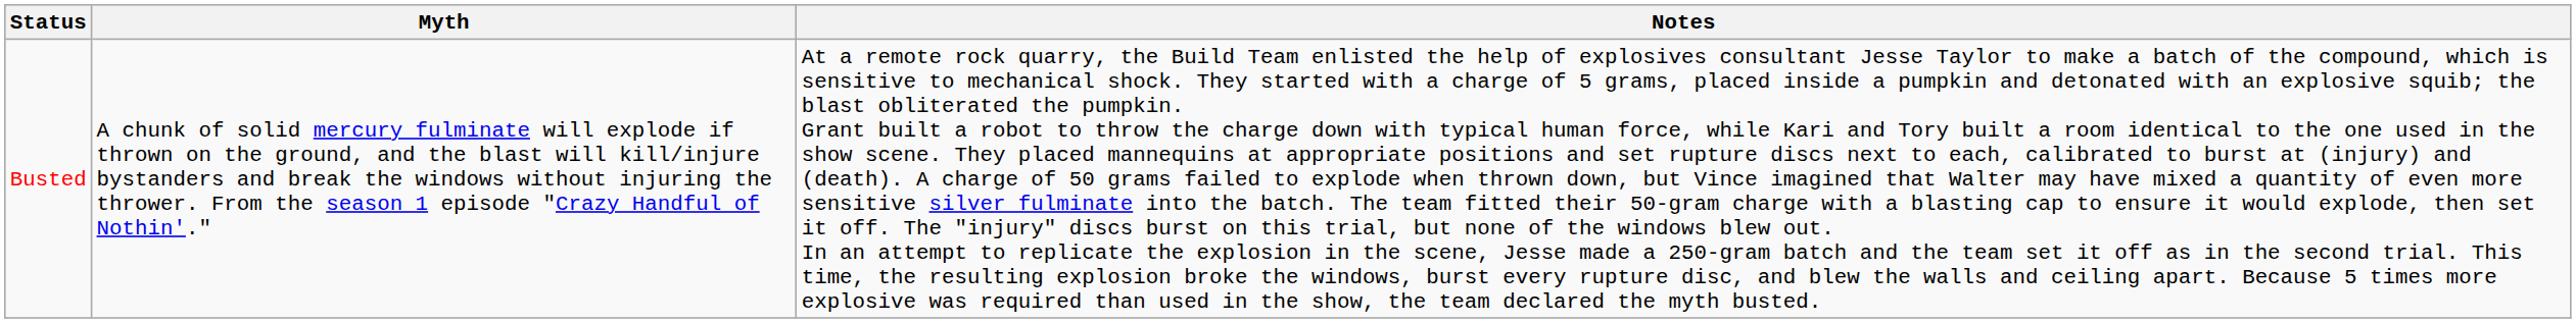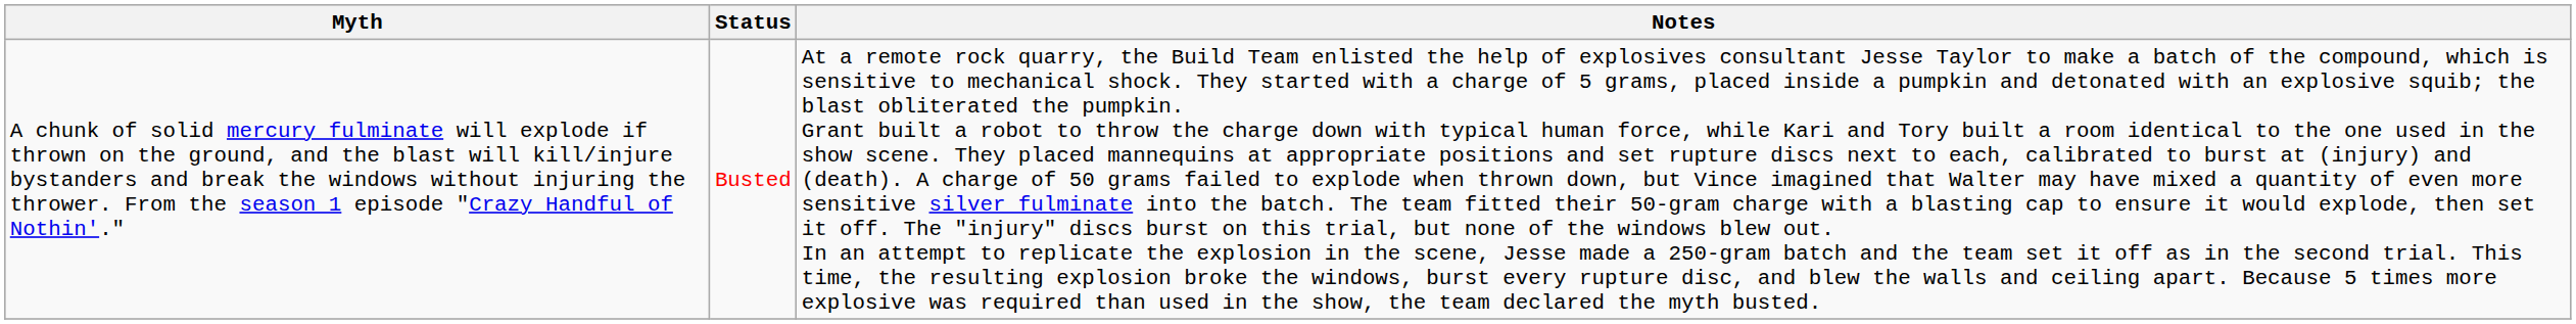 <table class="wikitable plainrowheaders">
 <tr>
+<th scope"col">Myth</th>
 <th scope"col">Status</th>
-<th scope"col">Myth</th>
 <th scope"col">Notes</th>
 </tr>
 <tr>
+<td scope"row">A chunk of solid <a href='#'>mercury fulminate</a> will explode if thrown on the ground, and the blast will kill/injure bystanders and break the windows without injuring the thrower. From the <a href='#'>season 1</a> episode "<a href='#'>Crazy Handful of Nothin'</a>."</td>
 <td style="color:red">Busted</td>
-<td scope"row">A chunk of solid <a href='#'>mercury fulminate</a> will explode if thrown on the ground, and the blast will kill/injure bystanders and break the windows without injuring the thrower. From the <a href='#'>season 1</a> episode "<a href='#'>Crazy Handful of Nothin'</a>."</td>
 <td>At a remote rock quarry, the Build Team enlisted the help of explosives consultant Jesse Taylor to make a batch of the compound, which is sensitive to mechanical shock. They started with a charge of 5 grams, placed inside a pumpkin and detonated with an explosive squib; the blast obliterated the pumpkin.<br>Grant built a robot to throw the charge down with typical human force, while Kari and Tory built a room identical to the one used in the show scene. They placed mannequins at appropriate positions and set rupture discs next to each, calibrated to burst at  (injury) and  (death). A charge of 50 grams failed to explode when thrown down, but Vince imagined that Walter may have mixed a quantity of even more sensitive <a href='#'>silver fulminate</a> into the batch. The team fitted their 50-gram charge with a blasting cap to ensure it would explode, then set it off. The "injury" discs burst on this trial, but none of the windows blew out.<br>In an attempt to replicate the explosion in the scene, Jesse made a 250-gram batch and the team set it off as in the second trial. This time, the resulting explosion broke the windows, burst every rupture disc, and blew the walls and ceiling apart. Because 5 times more explosive was required than used in the show, the team declared the myth busted.</td>
 </tr>
 </table>
